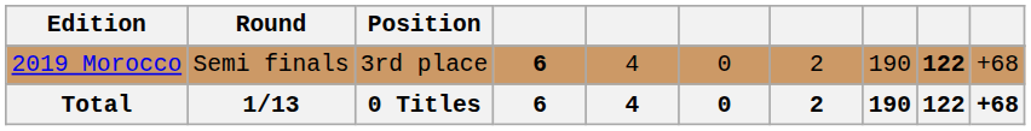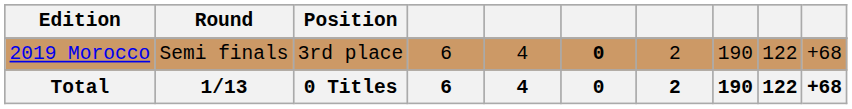 <table class="wikitable sortable" style="text-align: center;font-size:90%;">
 <tr>
 <th scope="col">Edition</th>
 <th scope="col">Round</th>
 <th scope="col">Position</th>
 <th scope="col" width="40"></th>
 <th scope="col" width="40"></th>
 <th scope="col" width="40"></th>
 <th scope="col" width="40"></th>
 <th></th>
 <th></th>
 <th></th>
 </tr>
 <tr>
 </tr>
 <tr bgcolor=#cc9966>
 <td style="text-align: left;"> <a href='#'>2019 Morocco</a></td>
 <td>Semi finals</td>
 <td>3rd place</td>
-<td><strong>6</strong></td>
+<td>6</td>
 <td>4</td>
-<td>0</td>
+<td><strong>0</strong></td>
 <td>2</td>
 <td>190</td>
-<td><strong>122</strong></td>
+<td>122</td>
 <td>+68</td>
 </tr>
 <tr>
 <th>Total</th>
 <th>1/13</th>
 <th>0 Titles</th>
 <th>6</th>
 <th>4</th>
 <th>0</th>
 <th>2</th>
 <th>190</th>
 <th>122</th>
 <th>+68</th>
 </tr>
 </table>
